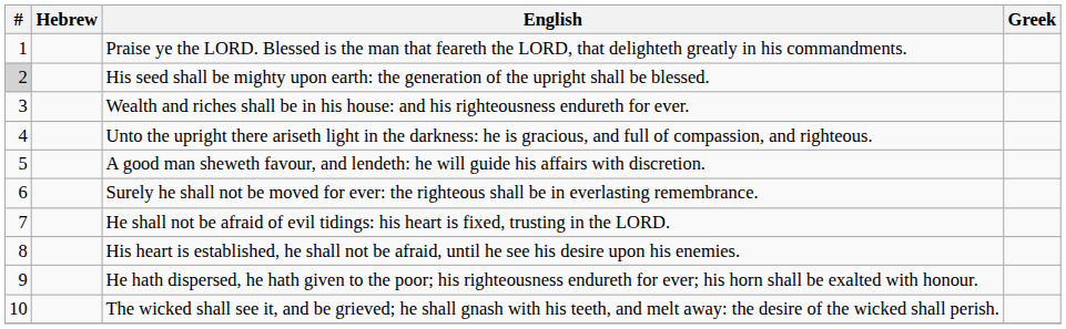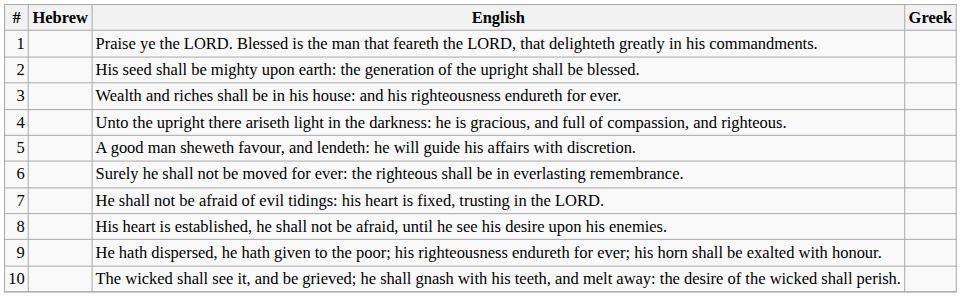 <table class=wikitable>
 <tr>
 <th>#</th>
 <th>Hebrew</th>
 <th>English</th>
 <th>Greek</th>
 </tr>
 <tr>
 <td style="text-align:right">1</td>
 <td style="text-align:right"></td>
 <td>Praise ye the LORD. Blessed is the man that feareth the LORD, that delighteth greatly in his commandments.</td>
 <td></td>
 </tr>
 <tr>
-<td style="background: lightgrey; text-align:right">2</td>
+<td style="text-align:right">2</td>
 <td style="text-align:right"></td>
 <td>His seed shall be mighty upon earth: the generation of the upright shall be blessed.</td>
 <td></td>
 </tr>
 <tr>
 <td style="text-align:right">3</td>
 <td style="text-align:right"></td>
 <td>Wealth and riches shall be in his house: and his righteousness endureth for ever.</td>
 <td></td>
 </tr>
 <tr>
 <td style="text-align:right">4</td>
 <td style="text-align:right"></td>
 <td>Unto the upright there ariseth light in the darkness: he is gracious, and full of compassion, and righteous.</td>
 <td></td>
 </tr>
 <tr>
 <td style="text-align:right">5</td>
 <td style="text-align:right"></td>
 <td>A good man sheweth favour, and lendeth: he will guide his affairs with discretion.</td>
 <td></td>
 </tr>
 <tr>
 <td style="text-align:right">6</td>
 <td style="text-align:right"></td>
 <td>Surely he shall not be moved for ever: the righteous shall be in everlasting remembrance.</td>
 <td></td>
 </tr>
 <tr>
 <td style="text-align:right">7</td>
 <td style="text-align:right"></td>
 <td>He shall not be afraid of evil tidings: his heart is fixed, trusting in the LORD.</td>
 <td></td>
 </tr>
 <tr>
 <td style="text-align:right">8</td>
 <td style="text-align:right"></td>
 <td>His heart is established, he shall not be afraid, until he see his desire upon his enemies.</td>
 <td></td>
 </tr>
 <tr>
 <td style="text-align:right">9</td>
 <td style="text-align:right"></td>
 <td>He hath dispersed, he hath given to the poor; his righteousness endureth for ever; his horn shall be exalted with honour.</td>
 <td></td>
 </tr>
 <tr>
 <td style="text-align:right">10</td>
 <td style="text-align:right"></td>
 <td>The wicked shall see it, and be grieved; he shall gnash with his teeth, and melt away: the desire of the wicked shall perish.</td>
 <td></td>
 </tr>
 <tr>
 </tr>
 </table>
